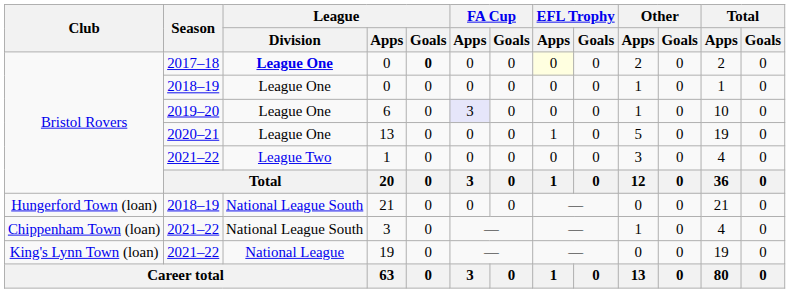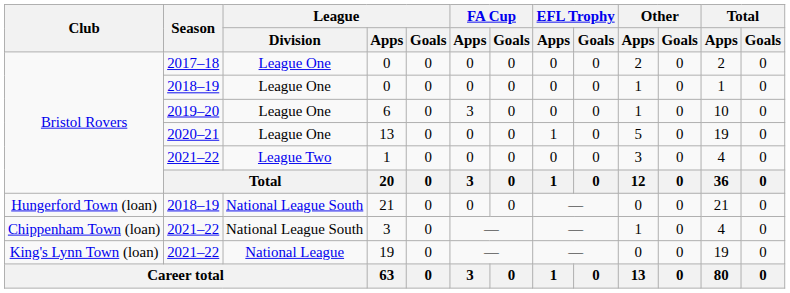 <table class="wikitable" style="text-align:center">
 <tr>
 <th rowspan="2">Club</th>
 <th rowspan="2">Season</th>
 <th colspan="3">League</th>
 <th colspan="2"><a href='#'>FA Cup</a></th>
 <th colspan="2"><a href='#'>EFL Trophy</a></th>
 <th colspan="2">Other</th>
 <th colspan="2">Total</th>
 </tr>
 <tr>
 <th>Division</th>
 <th>Apps</th>
 <th>Goals</th>
 <th>Apps</th>
 <th>Goals</th>
 <th>Apps</th>
 <th>Goals</th>
 <th>Apps</th>
 <th>Goals</th>
 <th>Apps</th>
 <th>Goals</th>
 </tr>
 <tr>
 <td rowspan="6"><a href='#'>Bristol Rovers</a></td>
 <td><a href='#'>2017–18</a></td>
-<td><strong><a href='#'>League One</a></strong></td>
-<td>0</td>
-<td><strong>0</strong></td>
+<td><a href='#'>League One</a></td>
 <td>0</td>
 <td>0</td>
-<td style="background: lightyellow;">0</td>
+<td>0</td>
+<td>0</td>
+<td>0</td>
 <td>0</td>
 <td>2</td>
 <td>0</td>
 <td>2</td>
 <td>0</td>
 </tr>
 <tr>
 <td><a href='#'>2018–19</a></td>
 <td>League One</td>
 <td>0</td>
 <td>0</td>
 <td>0</td>
 <td>0</td>
 <td>0</td>
 <td>0</td>
 <td>1</td>
 <td>0</td>
 <td>1</td>
 <td>0</td>
 </tr>
 <tr>
 <td><a href='#'>2019–20</a></td>
 <td>League One</td>
 <td>6</td>
 <td>0</td>
-<td style="background: lavender;">3</td>
+<td>3</td>
 <td>0</td>
 <td>0</td>
 <td>0</td>
 <td>1</td>
 <td>0</td>
 <td>10</td>
 <td>0</td>
 </tr>
 <tr>
 <td><a href='#'>2020–21</a></td>
 <td>League One</td>
 <td>13</td>
 <td>0</td>
 <td>0</td>
 <td>0</td>
 <td>1</td>
 <td>0</td>
 <td>5</td>
 <td>0</td>
 <td>19</td>
 <td>0</td>
 </tr>
 <tr>
 <td><a href='#'>2021–22</a></td>
 <td><a href='#'>League Two</a></td>
 <td>1</td>
 <td>0</td>
 <td>0</td>
 <td>0</td>
 <td>0</td>
 <td>0</td>
 <td>3</td>
 <td>0</td>
 <td>4</td>
 <td>0</td>
 </tr>
 <tr>
 <th colspan="2">Total</th>
 <th>20</th>
 <th>0</th>
 <th>3</th>
 <th>0</th>
 <th>1</th>
 <th>0</th>
 <th>12</th>
 <th>0</th>
 <th>36</th>
 <th>0</th>
 </tr>
 <tr>
 <td><a href='#'>Hungerford Town</a> (loan)</td>
 <td><a href='#'>2018–19</a></td>
 <td><a href='#'>National League South</a></td>
 <td>21</td>
 <td>0</td>
 <td>0</td>
 <td>0</td>
 <td colspan="2">—</td>
 <td>0</td>
 <td>0</td>
 <td>21</td>
 <td>0</td>
 </tr>
 <tr>
 <td><a href='#'>Chippenham Town</a> (loan)</td>
 <td><a href='#'>2021–22</a></td>
 <td>National League South</td>
 <td>3</td>
 <td>0</td>
 <td colspan="2">—</td>
 <td colspan="2">—</td>
 <td>1</td>
 <td>0</td>
 <td>4</td>
 <td>0</td>
 </tr>
 <tr>
 <td><a href='#'>King's Lynn Town</a> (loan)</td>
 <td><a href='#'>2021–22</a></td>
 <td><a href='#'>National League</a></td>
 <td>19</td>
 <td>0</td>
 <td colspan="2">—</td>
 <td colspan="2">—</td>
 <td>0</td>
 <td>0</td>
 <td>19</td>
 <td>0</td>
 </tr>
 <tr>
 <th colspan="3">Career total</th>
 <th>63</th>
 <th>0</th>
 <th>3</th>
 <th>0</th>
 <th>1</th>
 <th>0</th>
 <th>13</th>
 <th>0</th>
 <th>80</th>
 <th>0</th>
 </tr>
 </table>
